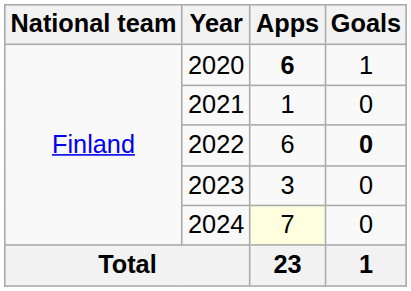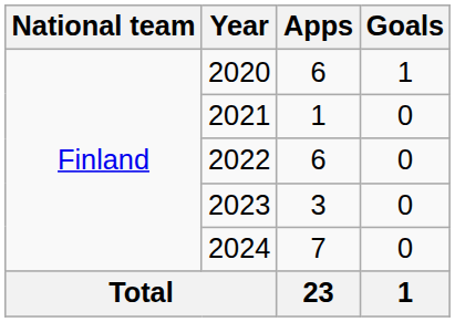 <table class="wikitable" style="text-align: center;">
 <tr>
 <th>National team</th>
 <th>Year</th>
 <th>Apps</th>
 <th>Goals</th>
 </tr>
 <tr>
 <td rowspan="5"><a href='#'>Finland</a></td>
 <td>2020</td>
-<td><strong>6</strong></td>
+<td>6</td>
 <td>1</td>
 </tr>
 <tr>
 <td>2021</td>
 <td>1</td>
 <td>0</td>
 </tr>
 <tr>
 <td>2022</td>
 <td>6</td>
-<td><strong>0</strong></td>
+<td>0</td>
 </tr>
 <tr>
 <td>2023</td>
 <td>3</td>
 <td>0</td>
 </tr>
 <tr>
 <td>2024</td>
-<td style="background: lightyellow;">7</td>
+<td>7</td>
 <td>0</td>
 </tr>
 <tr>
 <th colspan="2">Total</th>
 <th>23</th>
 <th>1</th>
 </tr>
 </table>
